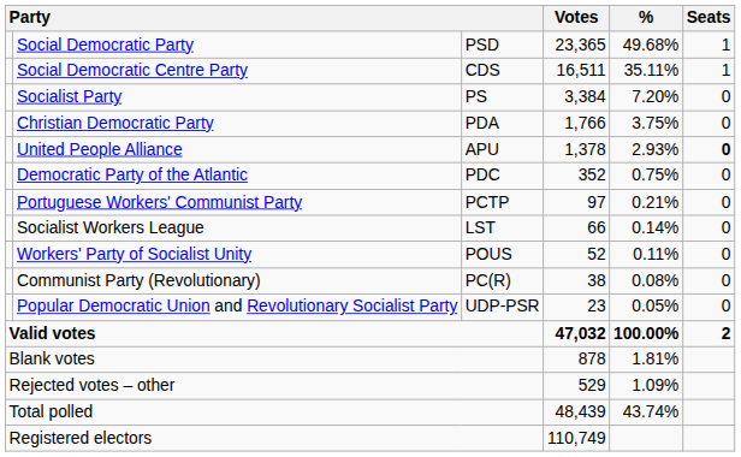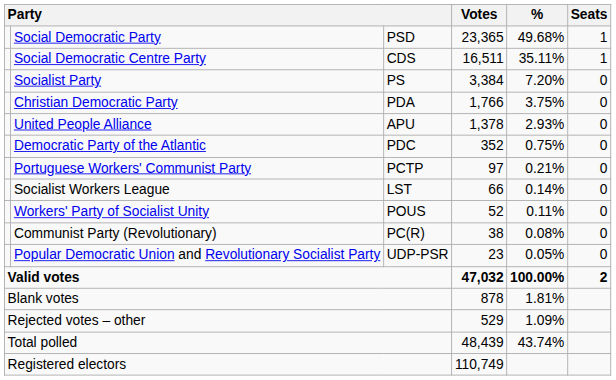 <table class="wikitable" border="1" style="text-align:right;">
 <tr>
 <th style="text-align:left;" colspan=3>Party</th>
 <th align=center width="50">Votes</th>
 <th align=center width="50">%</th>
 <th align=center>Seats</th>
 </tr>
 <tr>
 <td></td>
 <td align=left><a href='#'>Social Democratic Party</a></td>
 <td align=left>PSD</td>
 <td>23,365</td>
 <td>49.68%</td>
 <td>1</td>
 </tr>
 <tr>
 <td></td>
 <td align=left style="white-space: nowrap;"><a href='#'>Social Democratic Centre Party</a></td>
 <td align=left>CDS</td>
 <td>16,511</td>
 <td>35.11%</td>
 <td>1</td>
 </tr>
 <tr>
 <td></td>
 <td align=left><a href='#'>Socialist Party</a></td>
 <td align=left>PS</td>
 <td>3,384</td>
 <td>7.20%</td>
 <td>0</td>
 </tr>
 <tr>
 <td></td>
 <td align=left style="white-space: nowrap;"><a href='#'>Christian Democratic Party</a></td>
 <td align=left>PDA</td>
 <td>1,766</td>
 <td>3.75%</td>
 <td>0</td>
 </tr>
 <tr>
 <td></td>
 <td align=left><a href='#'>United People Alliance</a></td>
 <td align=left>APU</td>
 <td>1,378</td>
 <td>2.93%</td>
-<td><strong>0</strong></td>
+<td>0</td>
 </tr>
 <tr>
 <td></td>
 <td align=left><a href='#'>Democratic Party of the Atlantic</a></td>
 <td align=left>PDC</td>
 <td>352</td>
 <td>0.75%</td>
 <td>0</td>
 </tr>
 <tr>
 <td></td>
 <td align=left><a href='#'>Portuguese Workers' Communist Party</a></td>
 <td align=left>PCTP</td>
 <td>97</td>
 <td>0.21%</td>
 <td>0</td>
 </tr>
 <tr>
 <td></td>
 <td align=left>Socialist Workers League</td>
 <td align=left>LST</td>
 <td>66</td>
 <td>0.14%</td>
 <td>0</td>
 </tr>
 <tr>
 <td></td>
 <td align=left><a href='#'>Workers' Party of Socialist Unity</a></td>
 <td align=left>POUS</td>
 <td>52</td>
 <td>0.11%</td>
 <td>0</td>
 </tr>
 <tr>
 <td></td>
 <td align=left>Communist Party (Revolutionary)</td>
 <td align=left>PC(R)</td>
 <td>38</td>
 <td>0.08%</td>
 <td>0</td>
 </tr>
 <tr>
 <td></td>
 <td align=left><a href='#'>Popular Democratic Union</a> and <a href='#'>Revolutionary Socialist Party</a></td>
 <td align=left>UDP-PSR</td>
 <td>23</td>
 <td>0.05%</td>
 <td>0</td>
 </tr>
 <tr style="font-weight:bold">
 <td align=left colspan=3>Valid votes</td>
 <td>47,032</td>
 <td>100.00%</td>
 <td>2</td>
 </tr>
 <tr>
 <td align=left colspan=3>Blank votes</td>
 <td>878</td>
 <td>1.81%</td>
 <td></td>
 </tr>
 <tr>
 <td align=left colspan=3>Rejected votes – other</td>
 <td>529</td>
 <td>1.09%</td>
 <td></td>
 </tr>
 <tr>
 <td align=left colspan=3>Total polled</td>
 <td>48,439</td>
 <td>43.74%</td>
 <td></td>
 </tr>
 <tr>
 <td align=left colspan=3>Registered electors</td>
 <td>110,749</td>
 <td></td>
 <td></td>
 </tr>
 </table>
